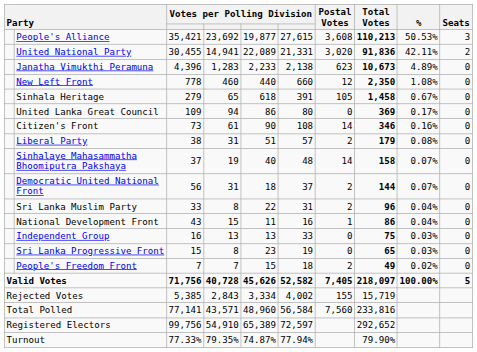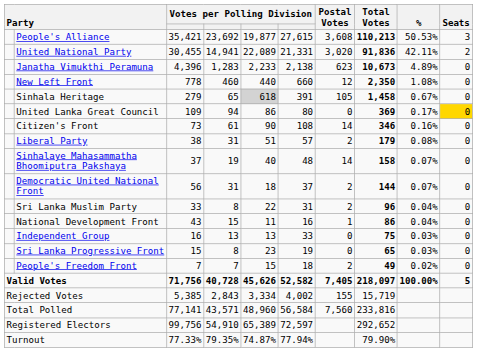 <table class="wikitable" border="1" style="text-align:right;">
 <tr>
 <th style="text-align:left; vertical-align:bottom;" rowspan="2" colspan="2">Party</th>
 <th colspan=4>Votes per Polling Division</th>
 <th rowspan="2" style="vertical-align:bottom; text-align:center; width:50px;">Postal<br>Votes</th>
 <th rowspan="2" style="vertical-align:bottom; text-align:center; width:50px;">Total Votes</th>
 <th rowspan="2" style="vertical-align:bottom; text-align:center; width:50px;">%</th>
 <th rowspan="2" style="vertical-align:bottom; text-align:center; width:40px;">Seats</th>
 </tr>
 <tr>
 <th></th>
 <th></th>
 <th></th>
 <th></th>
 </tr>
 <tr>
 <td bgcolor=> </td>
 <td align=left><a href='#'>People's Alliance</a></td>
 <td>35,421</td>
 <td>23,692</td>
 <td>19,877</td>
 <td>27,615</td>
 <td>3,608</td>
 <td><strong>110,213</strong></td>
 <td>50.53%</td>
 <td>3</td>
 </tr>
 <tr>
 <td bgcolor=> </td>
 <td align=left><a href='#'>United National Party</a></td>
 <td>30,455</td>
 <td>14,941</td>
 <td>22,089</td>
 <td>21,331</td>
 <td>3,020</td>
 <td><strong>91,836</strong></td>
 <td>42.11%</td>
 <td>2</td>
 </tr>
 <tr>
 <td bgcolor=> </td>
 <td align=left><a href='#'>Janatha Vimukthi Peramuna</a></td>
 <td>4,396</td>
 <td>1,283</td>
 <td>2,233</td>
 <td>2,138</td>
 <td>623</td>
 <td><strong>10,673</strong></td>
 <td>4.89%</td>
 <td>0</td>
 </tr>
 <tr>
 <td bgcolor=> </td>
 <td align=left><a href='#'>New Left Front</a></td>
 <td>778</td>
 <td>460</td>
 <td>440</td>
 <td>660</td>
 <td>12</td>
 <td><strong>2,350</strong></td>
 <td>1.08%</td>
 <td>0</td>
 </tr>
 <tr>
 <td bgcolor=> </td>
 <td align=left>Sinhala Heritage</td>
 <td>279</td>
 <td>65</td>
-<td>618</td>
+<td style="background: lightgrey;">618</td>
 <td>391</td>
 <td>105</td>
 <td><strong>1,458</strong></td>
 <td>0.67%</td>
 <td>0</td>
 </tr>
 <tr>
 <td bgcolor=> </td>
 <td align=left>United Lanka Great Council</td>
 <td>109</td>
 <td>94</td>
 <td>86</td>
 <td>80</td>
 <td>0</td>
 <td><strong>369</strong></td>
 <td>0.17%</td>
-<td>0</td>
+<td style="background: gold;">0</td>
 </tr>
 <tr>
 <td bgcolor=> </td>
 <td align=left>Citizen's Front</td>
 <td>73</td>
 <td>61</td>
 <td>90</td>
 <td>108</td>
 <td>14</td>
 <td><strong>346</strong></td>
 <td>0.16%</td>
 <td>0</td>
 </tr>
 <tr>
 <td bgcolor=> </td>
 <td align=left><a href='#'>Liberal Party</a></td>
 <td>38</td>
 <td>31</td>
 <td>51</td>
 <td>57</td>
 <td>2</td>
 <td><strong>179</strong></td>
 <td>0.08%</td>
 <td>0</td>
 </tr>
 <tr>
 <td bgcolor=> </td>
 <td align=left><a href='#'>Sinhalaye Mahasammatha<br>Bhoomiputra Pakshaya</a></td>
 <td>37</td>
 <td>19</td>
 <td>40</td>
 <td>48</td>
 <td>14</td>
 <td><strong>158</strong></td>
 <td>0.07%</td>
 <td>0</td>
 </tr>
 <tr>
 <td bgcolor=> </td>
 <td align=left><a href='#'>Democratic United National<br>Front</a></td>
 <td>56</td>
 <td>31</td>
 <td>18</td>
 <td>37</td>
 <td>2</td>
 <td><strong>144</strong></td>
 <td>0.07%</td>
 <td>0</td>
 </tr>
 <tr>
 <td bgcolor=> </td>
 <td align=left>Sri Lanka Muslim Party</td>
 <td>33</td>
 <td>8</td>
 <td>22</td>
 <td>31</td>
 <td>2</td>
 <td><strong>96</strong></td>
 <td>0.04%</td>
 <td>0</td>
 </tr>
 <tr>
 <td bgcolor=> </td>
 <td align=left>National Development Front</td>
 <td>43</td>
 <td>15</td>
 <td>11</td>
 <td>16</td>
 <td>1</td>
 <td><strong>86</strong></td>
 <td>0.04%</td>
 <td>0</td>
 </tr>
 <tr>
 <td bgcolor=> </td>
 <td align=left><a href='#'>Independent Group</a></td>
 <td>16</td>
 <td>13</td>
 <td>13</td>
 <td>33</td>
 <td>0</td>
 <td><strong>75</strong></td>
 <td>0.03%</td>
 <td>0</td>
 </tr>
 <tr>
 <td bgcolor=> </td>
 <td align=left><a href='#'>Sri Lanka Progressive Front</a></td>
 <td>15</td>
 <td>8</td>
 <td>23</td>
 <td>19</td>
 <td>0</td>
 <td><strong>65</strong></td>
 <td>0.03%</td>
 <td>0</td>
 </tr>
 <tr>
 <td bgcolor=> </td>
 <td align=left><a href='#'>People's Freedom Front</a></td>
 <td>7</td>
 <td>7</td>
 <td>15</td>
 <td>18</td>
 <td>2</td>
 <td><strong>49</strong></td>
 <td>0.02%</td>
 <td>0</td>
 </tr>
 <tr>
 <td align=left colspan="2"><strong>Valid Votes</strong></td>
 <td><strong>71,756</strong></td>
 <td><strong>40,728</strong></td>
 <td><strong>45,626</strong></td>
 <td><strong>52,582</strong></td>
 <td><strong>7,405</strong></td>
 <td><strong>218,097</strong></td>
 <td><strong>100.00%</strong></td>
 <td><strong>5</strong></td>
 </tr>
 <tr>
 <td align=left colspan="2">Rejected Votes</td>
 <td>5,385</td>
 <td>2,843</td>
 <td>3,334</td>
 <td>4,002</td>
 <td>155</td>
 <td>15,719</td>
 <td></td>
 <td></td>
 </tr>
 <tr>
 <td align=left colspan="2">Total Polled</td>
 <td>77,141</td>
 <td>43,571</td>
 <td>48,960</td>
 <td>56,584</td>
 <td>7,560</td>
 <td>233,816</td>
 <td></td>
 <td></td>
 </tr>
 <tr>
 <td align=left colspan="2">Registered Electors</td>
 <td>99,756</td>
 <td>54,910</td>
 <td>65,389</td>
 <td>72,597</td>
 <td></td>
 <td>292,652</td>
 <td></td>
 <td></td>
 </tr>
 <tr>
 <td align=left colspan="2">Turnout</td>
 <td>77.33%</td>
 <td>79.35%</td>
 <td>74.87%</td>
 <td>77.94%</td>
 <td></td>
 <td>79.90%</td>
 <td></td>
 <td></td>
 </tr>
 </table>
